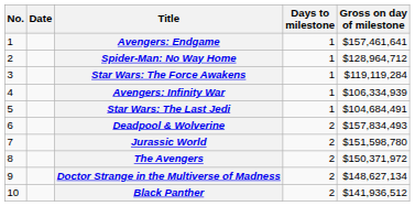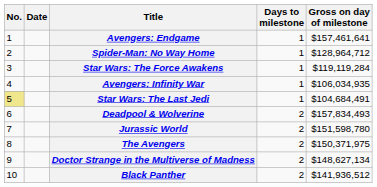 <table class="wikitable">
 <tr>
 <th scope="col">No.</th>
 <th scope="col">Date</th>
 <th scope="col">Title</th>
 <th scope="col">Days to <br>milestone</th>
 <th scope="col">Gross on day <br>of milestone</th>
 </tr>
 <tr>
 <td>1</td>
 <td></td>
 <th scope="row"><em><a href='#'>Avengers: Endgame</a></em></th>
 <td style="text-align:right;">1</td>
 <td style="text-align:right;">$157,461,641</td>
 </tr>
 <tr>
 <td>2</td>
 <td></td>
 <th scope="row"><em><a href='#'>Spider-Man: No Way Home</a></em></th>
 <td style="text-align:right;">1</td>
 <td style="text-align:right;">$128,964,712</td>
 </tr>
 <tr>
 <td>3</td>
 <td></td>
 <th scope="row"><em><a href='#'>Star Wars: The Force Awakens</a></em></th>
 <td style="text-align:right;">1</td>
 <td style="text-align:right;">$119,119,284</td>
 </tr>
 <tr>
 <td>4</td>
 <td></td>
 <th scope="row"><em><a href='#'>Avengers: Infinity War</a></em></th>
 <td style="text-align:right;">1</td>
-<td style="text-align:right;">$106,334,939</td>
+<td style="text-align:right;">$106,034,935</td>
 </tr>
 <tr>
-<td>5</td>
+<td style="background: khaki;">5</td>
 <td></td>
 <th scope="row"><em><a href='#'>Star Wars: The Last Jedi</a></em></th>
 <td style="text-align:right;">1</td>
 <td style="text-align:right;">$104,684,491</td>
 </tr>
 <tr>
 <td>6</td>
 <td></td>
 <th scope="row"><em><a href='#'>Deadpool & Wolverine</a></em></th>
 <td style="text-align:right;">2</td>
 <td style="text-align:right;">$157,834,493</td>
 </tr>
 <tr>
 <td>7</td>
 <td></td>
 <th scope="row"><em><a href='#'>Jurassic World</a></em></th>
 <td style="text-align:right;">2</td>
 <td style="text-align:right;">$151,598,780</td>
 </tr>
 <tr>
 <td>8</td>
 <td></td>
 <th scope="row"><em><a href='#'>The Avengers</a></em></th>
 <td style="text-align:right;">2</td>
-<td style="text-align:right;">$150,371,972</td>
+<td style="text-align:right;">$150,371,975</td>
 </tr>
 <tr>
 <td>9</td>
 <td></td>
 <th scope="row"><em><a href='#'>Doctor Strange in the Multiverse of Madness</a></em></th>
 <td style="text-align:right;">2</td>
 <td style="text-align:right;">$148,627,134</td>
 </tr>
 <tr>
 <td>10</td>
 <td></td>
 <th scope="row"><em><a href='#'>Black Panther</a></em></th>
 <td style="text-align:right;">2</td>
 <td style="text-align:right;">$141,936,512</td>
 </tr>
 </table>
